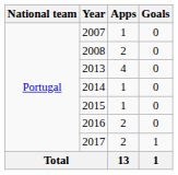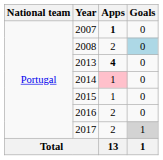 <table class="wikitable" style="text-align: center">
 <tr>
 <th>National team</th>
 <th>Year</th>
 <th>Apps</th>
 <th>Goals</th>
 </tr>
 <tr>
 <td rowspan=7><a href='#'>Portugal</a></td>
 <td>2007</td>
-<td>1</td>
+<td><strong>1</strong></td>
 <td>0</td>
 </tr>
 <tr>
 <td>2008</td>
 <td>2</td>
-<td>0</td>
+<td style="background: lightblue;">0</td>
 </tr>
 <tr>
 <td>2013</td>
-<td>4</td>
+<td><strong>4</strong></td>
 <td>0</td>
 </tr>
 <tr>
 <td>2014</td>
-<td>1</td>
+<td style="background: pink;">1</td>
 <td>0</td>
 </tr>
 <tr>
 <td>2015</td>
 <td>1</td>
 <td>0</td>
 </tr>
 <tr>
 <td>2016</td>
 <td>2</td>
 <td>0</td>
 </tr>
 <tr>
 <td>2017</td>
 <td>2</td>
-<td>1</td>
+<td style="background: lightgrey;">1</td>
 </tr>
 <tr>
 <th colspan=2>Total</th>
 <th>13</th>
 <th>1</th>
 </tr>
 </table>
